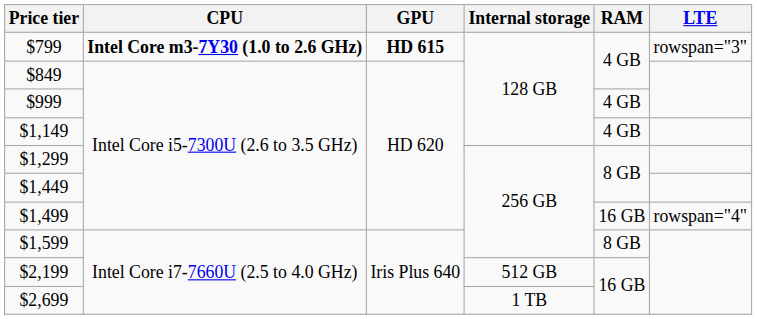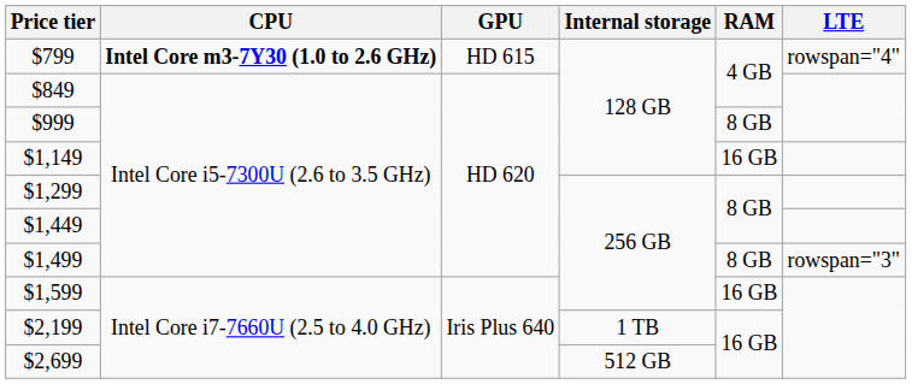 <table class="wikitable collapsible sortable" style="text-align:center;">
 <tr>
 <th scope="col">Price tier </th>
 <th scope="col">CPU</th>
 <th scope="col">GPU</th>
 <th scope="col">Internal storage</th>
 <th scope="col">RAM</th>
 <th scope="col"><a href='#'>LTE</a></th>
 </tr>
 <tr>
 <td>$799</td>
 <td><strong>Intel Core m3-<a href='#'>7Y30</a> (1.0 to 2.6 GHz)</strong></td>
-<td><strong>HD 615</strong></td>
+<td>HD 615</td>
 <td rowspan="4">128 GB</td>
 <td rowspan="2">4 GB</td>
-<td>rowspan="3" </td>
+<td>rowspan="4" </td>
 </tr>
 <tr>
 <td>$849</td>
 <td rowspan="6">Intel Core i5-<a href='#'>7300U</a> (2.6 to 3.5 GHz)</td>
 <td rowspan="6">HD 620</td>
 </tr>
 <tr>
 <td>$999</td>
-<td>4 GB</td>
+<td>8 GB</td>
 </tr>
 <tr>
 <td>$1,149</td>
-<td>4 GB</td>
+<td>16 GB</td>
 <td></td>
 </tr>
 <tr>
 <td>$1,299</td>
 <td rowspan="4">256 GB</td>
 <td rowspan="2">8 GB</td>
 <td></td>
 </tr>
 <tr>
 <td>$1,449</td>
 <td></td>
 </tr>
 <tr>
 <td>$1,499</td>
-<td>16 GB</td>
-<td>rowspan="4" </td>
+<td>8 GB</td>
+<td>rowspan="3" </td>
 </tr>
 <tr>
 <td>$1,599</td>
 <td rowspan="3">Intel Core i7-<a href='#'>7660U</a> (2.5 to 4.0 GHz)</td>
 <td rowspan="3">Iris Plus 640</td>
-<td>8 GB</td>
+<td>16 GB</td>
 </tr>
 <tr>
 <td>$2,199</td>
-<td>512 GB</td>
+<td>1 TB</td>
 <td rowspan="2">16 GB</td>
 </tr>
 <tr>
 <td>$2,699</td>
-<td>1 TB</td>
+<td>512 GB</td>
 </tr>
 </table>
